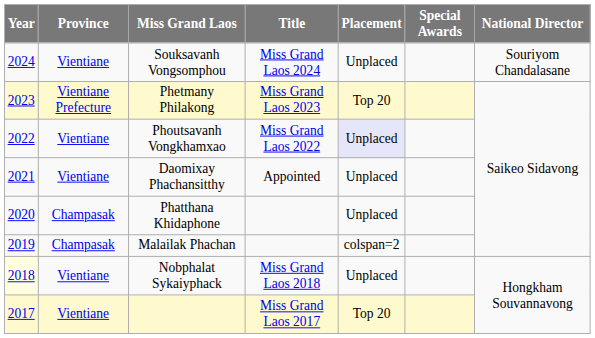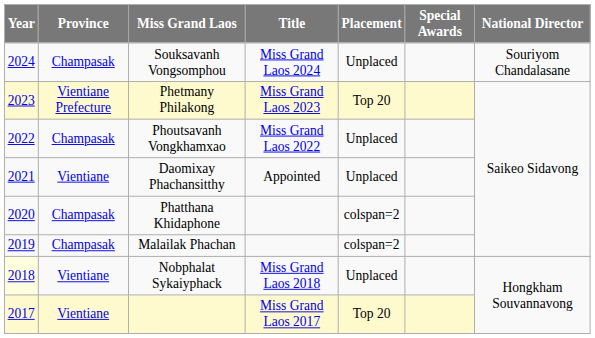 <table class="wikitable" style="font-size: 90%; text-align:center; width:100%">
 <tr>
 <th style="background-color:#787878;color:#FFFFFF;">Year</th>
 <th style="background-color:#787878;color:#FFFFFF;">Province</th>
 <th style="background-color:#787878;color:#FFFFFF;">Miss Grand Laos</th>
 <th style="background-color:#787878;color:#FFFFFF;">Title</th>
 <th style="background-color:#787878;color:#FFFFFF;">Placement</th>
 <th style="background-color:#787878;color:#FFFFFF;">Special Awards</th>
 <th style="background-color:#787878;color:#FFFFFF;">National Director</th>
 </tr>
 <tr>
 <td><a href='#'>2024</a></td>
-<td><a href='#'>Vientiane</a></td>
+<td><a href='#'>Champasak</a></td>
 <td>Souksavanh Vongsomphou</td>
 <td><a href='#'>Miss Grand Laos 2024</a></td>
 <td>Unplaced</td>
 <td></td>
 <td>Souriyom Chandalasane</td>
 </tr>
 <tr>
 <td bgcolor=#FFFACD><a href='#'>2023</a></td>
 <td bgcolor=#FFFACD><a href='#'>Vientiane Prefecture</a></td>
 <td bgcolor=#FFFACD>Phetmany Philakong</td>
 <td bgcolor=#FFFACD><a href='#'>Miss Grand Laos 2023</a></td>
 <td bgcolor=#FFFACD>Top 20</td>
 <td bgcolor=#FFFACD></td>
 <td rowspan=5>Saikeo Sidavong</td>
 </tr>
 <tr>
 <td><a href='#'>2022</a></td>
-<td><a href='#'>Vientiane</a></td>
+<td><a href='#'>Champasak</a></td>
 <td>Phoutsavanh Vongkhamxao</td>
 <td><a href='#'>Miss Grand Laos 2022</a></td>
-<td style="background: lavender;">Unplaced</td>
+<td>Unplaced</td>
 <td></td>
 </tr>
 <tr>
 <td><a href='#'>2021</a></td>
 <td><a href='#'>Vientiane</a></td>
 <td>Daomixay Phachansitthy</td>
 <td>Appointed</td>
 <td>Unplaced</td>
 <td></td>
 </tr>
 <tr>
 <td><a href='#'>2020</a></td>
 <td><a href='#'>Champasak</a></td>
 <td>Phatthana Khidaphone</td>
 <td></td>
-<td>Unplaced</td>
+<td>colspan=2 </td>
 <td></td>
 </tr>
 <tr>
 <td><a href='#'>2019</a></td>
 <td><a href='#'>Champasak</a></td>
 <td>Malailak Phachan</td>
 <td></td>
 <td>colspan=2 </td>
 </tr>
 <tr>
 <td style="background: lightyellow;"><a href='#'>2018</a></td>
 <td><a href='#'>Vientiane</a></td>
 <td>Nobphalat Sykaiyphack</td>
 <td><a href='#'>Miss Grand Laos 2018</a></td>
 <td>Unplaced</td>
 <td></td>
 <td rowspan=2>Hongkham Souvannavong</td>
 </tr>
 <tr bgcolor=#FFFACD>
 <td><a href='#'>2017</a></td>
 <td><a href='#'>Vientiane</a></td>
 <td></td>
 <td><a href='#'>Miss Grand Laos 2017</a></td>
 <td>Top 20</td>
 <td></td>
 </tr>
 </table>
